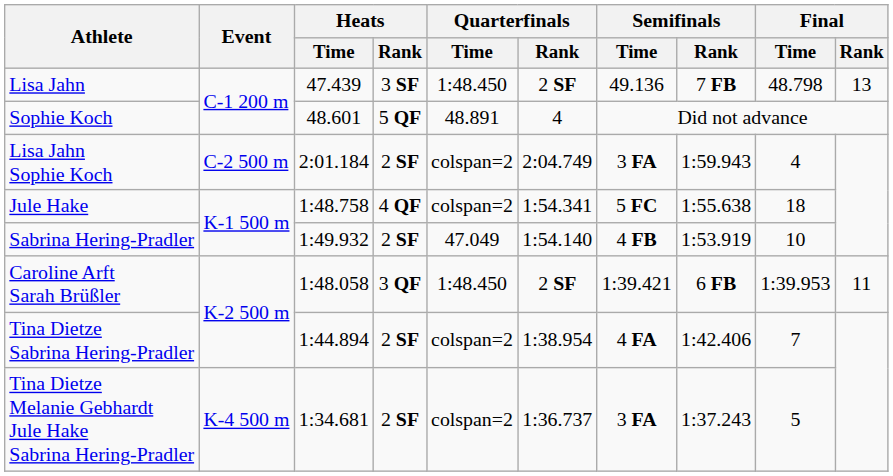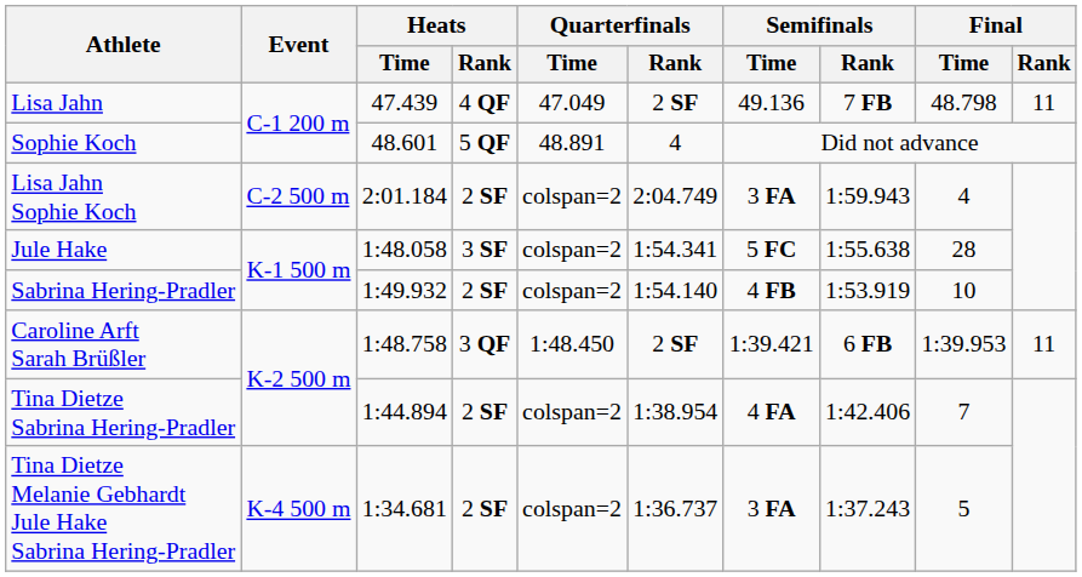 <table class=wikitable style="font-size:90%">
 <tr>
 <th rowspan="2">Athlete</th>
 <th rowspan="2">Event</th>
 <th colspan=2>Heats</th>
 <th colspan=2>Quarterfinals</th>
 <th colspan=2>Semifinals</th>
 <th colspan=2>Final</th>
 </tr>
 <tr style="font-size:95%">
 <th>Time</th>
 <th>Rank</th>
 <th>Time</th>
 <th>Rank</th>
 <th>Time</th>
 <th>Rank</th>
 <th>Time</th>
 <th>Rank</th>
 </tr>
 <tr align=center>
 <td align=left><a href='#'>Lisa Jahn</a></td>
 <td align=left rowspan=2><a href='#'>C-1 200 m</a></td>
 <td>47.439</td>
-<td>3 <strong>SF</strong></td>
-<td>1:48.450</td>
+<td>4 <strong>QF</strong></td>
+<td>47.049</td>
 <td>2 <strong>SF</strong></td>
 <td>49.136</td>
 <td>7 <strong>FB</strong></td>
 <td>48.798</td>
-<td>13</td>
+<td>11</td>
 </tr>
 <tr align=center>
 <td align=left><a href='#'>Sophie Koch</a></td>
 <td>48.601</td>
 <td>5 <strong>QF</strong></td>
 <td>48.891</td>
 <td>4</td>
 <td colspan=4>Did not advance</td>
 </tr>
 <tr align=center>
 <td align=left><a href='#'>Lisa Jahn</a><br><a href='#'>Sophie Koch</a></td>
 <td align=left><a href='#'>C-2 500 m</a></td>
 <td>2:01.184</td>
 <td>2 <strong>SF</strong></td>
 <td>colspan=2 </td>
 <td>2:04.749</td>
 <td>3 <strong>FA</strong></td>
 <td>1:59.943</td>
 <td>4</td>
 </tr>
 <tr align=center>
 <td align=left><a href='#'>Jule Hake</a></td>
 <td align=left rowspan=2><a href='#'>K-1 500 m</a></td>
-<td>1:48.758</td>
-<td>4 <strong>QF</strong></td>
+<td>1:48.058</td>
+<td>3 <strong>SF</strong></td>
 <td>colspan=2 </td>
 <td>1:54.341</td>
 <td>5 <strong>FC</strong></td>
 <td>1:55.638</td>
-<td>18</td>
+<td>28</td>
 </tr>
 <tr align=center>
 <td align=left><a href='#'>Sabrina Hering-Pradler</a></td>
 <td>1:49.932</td>
 <td>2 <strong>SF</strong></td>
-<td>47.049</td>
+<td>colspan=2 </td>
 <td>1:54.140</td>
 <td>4 <strong>FB</strong></td>
 <td>1:53.919</td>
 <td>10</td>
 </tr>
 <tr align=center>
 <td align=left><a href='#'>Caroline Arft</a><br><a href='#'>Sarah Brüßler</a></td>
 <td align=left rowspan=2><a href='#'>K-2 500 m</a></td>
-<td>1:48.058</td>
+<td>1:48.758</td>
 <td>3 <strong>QF</strong></td>
 <td>1:48.450</td>
 <td>2 <strong>SF</strong></td>
 <td>1:39.421</td>
 <td>6 <strong>FB</strong></td>
 <td>1:39.953</td>
 <td>11</td>
 </tr>
 <tr align=center>
 <td align=left><a href='#'>Tina Dietze</a><br><a href='#'>Sabrina Hering-Pradler</a></td>
 <td>1:44.894</td>
 <td>2 <strong>SF</strong></td>
 <td>colspan=2 </td>
 <td>1:38.954</td>
 <td>4 <strong>FA</strong></td>
 <td>1:42.406</td>
 <td>7</td>
 </tr>
 <tr align=center>
 <td align=left><a href='#'>Tina Dietze</a><br><a href='#'>Melanie Gebhardt</a><br><a href='#'>Jule Hake</a><br><a href='#'>Sabrina Hering-Pradler</a></td>
 <td align=left><a href='#'>K-4 500 m</a></td>
 <td>1:34.681</td>
 <td>2 <strong>SF</strong></td>
 <td>colspan=2 </td>
 <td>1:36.737</td>
 <td>3 <strong>FA</strong></td>
 <td>1:37.243</td>
 <td>5</td>
 </tr>
 </table>
